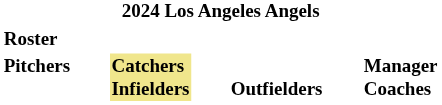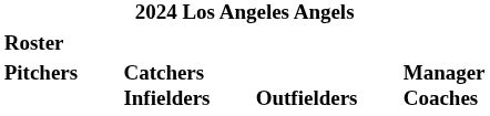 <table class="toccolours" style="font-size: 95%;">
 <tr>
 <th colspan="10">2024 Los Angeles Angels</th>
 </tr>
 <tr>
 <td colspan="10"><strong>Roster</strong></td>
 </tr>
 <tr>
 <td valign="top"><strong>Pitchers</strong><br>                                  </td>
 <td width="25px"></td>
-<td valign="top" style="background: khaki;"><strong>Catchers</strong><br>  <strong>Infielders</strong>                 </td>
+<td valign="top"><strong>Catchers</strong><br>  <strong>Infielders</strong>                 </td>
 <td width="25px"></td>
 <td valign="top"><br><strong>Outfielders</strong>          </td>
 <td width="25px"></td>
 <td valign="top"><strong>Manager</strong><br> <strong>Coaches</strong>                          </td>
 </tr>
 </table>
